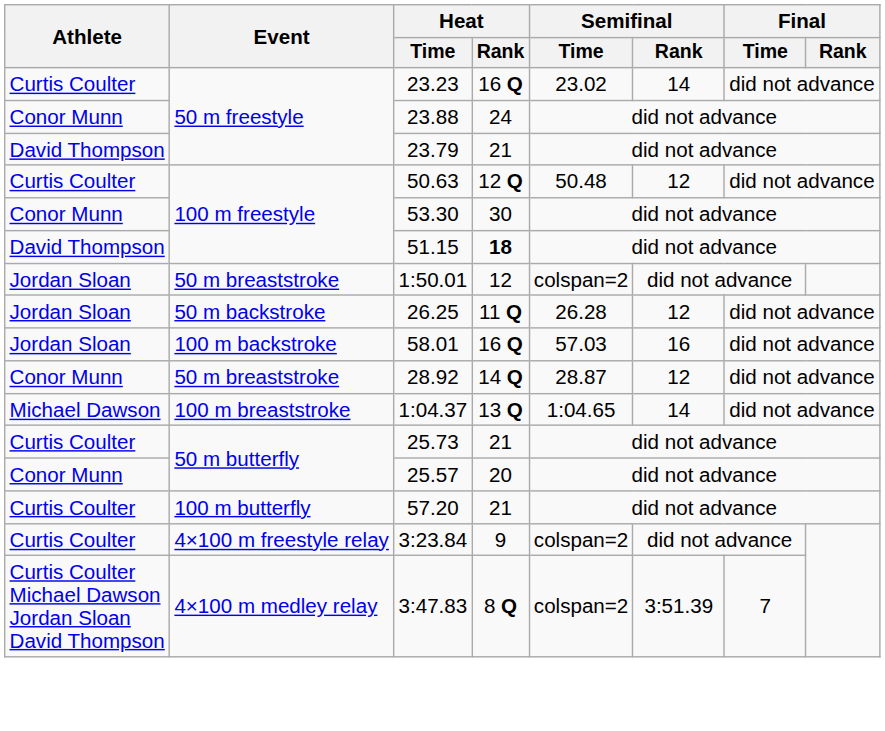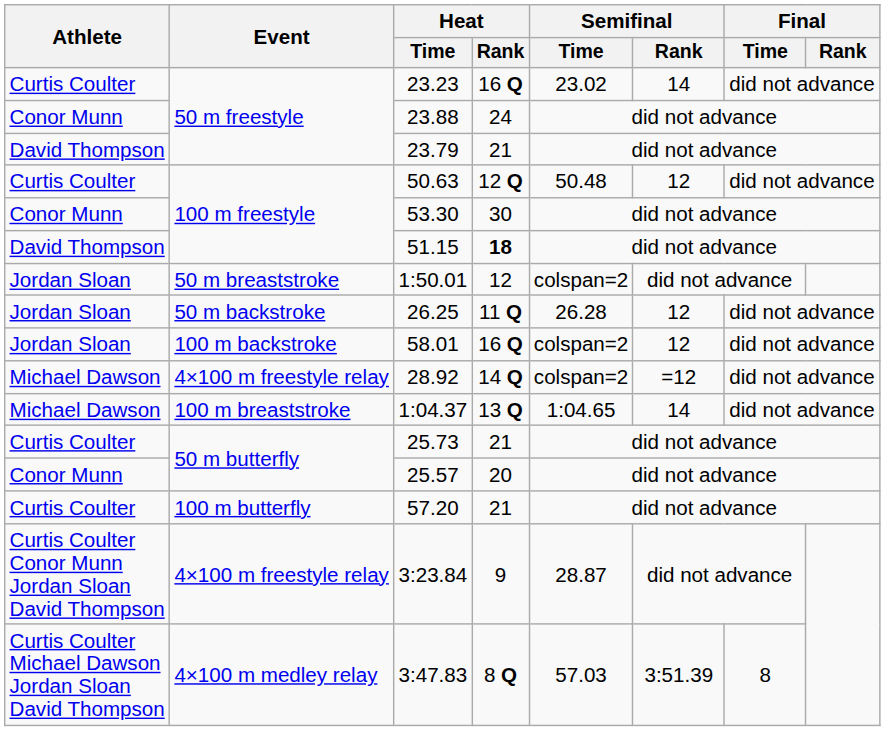 <table class=wikitable style=font-size:90%>
 <tr>
 <th rowspan=2>Athlete</th>
 <th rowspan=2>Event</th>
 <th colspan=2>Heat</th>
 <th colspan=2>Semifinal</th>
 <th colspan=2>Final</th>
 </tr>
 <tr style=font-size:95%>
 <th>Time</th>
 <th>Rank</th>
 <th>Time</th>
 <th>Rank</th>
 <th>Time</th>
 <th>Rank</th>
 </tr>
 <tr align=center>
 <td align=left><a href='#'>Curtis Coulter</a></td>
 <td align=left rowspan=3><a href='#'>50 m freestyle</a></td>
 <td>23.23</td>
 <td>16 <strong>Q</strong></td>
 <td>23.02</td>
 <td>14</td>
 <td colspan=2>did not advance</td>
 </tr>
 <tr align=center>
 <td align=left><a href='#'>Conor Munn</a></td>
 <td>23.88</td>
 <td>24</td>
 <td colspan=4>did not advance</td>
 </tr>
 <tr align=center>
 <td align=left><a href='#'>David Thompson</a></td>
 <td>23.79</td>
 <td>21</td>
 <td colspan=4>did not advance</td>
 </tr>
 <tr align=center>
 <td align=left><a href='#'>Curtis Coulter</a></td>
 <td align=left rowspan=3><a href='#'>100 m freestyle</a></td>
 <td>50.63</td>
 <td>12 <strong>Q</strong></td>
 <td>50.48</td>
 <td>12</td>
 <td colspan=2>did not advance</td>
 </tr>
 <tr align=center>
 <td align=left><a href='#'>Conor Munn</a></td>
 <td>53.30</td>
 <td>30</td>
 <td colspan=4>did not advance</td>
 </tr>
 <tr align=center>
 <td align=left><a href='#'>David Thompson</a></td>
 <td>51.15</td>
 <td><strong>18</strong></td>
 <td colspan=4>did not advance</td>
 </tr>
 <tr align=center>
 <td align=left><a href='#'>Jordan Sloan</a></td>
 <td align=left><a href='#'>50 m breaststroke</a></td>
 <td>1:50.01</td>
 <td>12</td>
 <td>colspan=2 </td>
 <td colspan=2>did not advance</td>
 </tr>
 <tr align=center>
 <td align=left><a href='#'>Jordan Sloan</a></td>
 <td align=left><a href='#'>50 m backstroke</a></td>
 <td>26.25</td>
 <td>11 <strong>Q</strong></td>
 <td>26.28</td>
 <td>12</td>
 <td colspan=2>did not advance</td>
 </tr>
 <tr align=center>
 <td align=left><a href='#'>Jordan Sloan</a></td>
 <td align=left><a href='#'>100 m backstroke</a></td>
 <td>58.01</td>
 <td>16 <strong>Q</strong></td>
-<td>57.03</td>
-<td>16</td>
+<td>colspan=2 </td>
+<td>12</td>
 <td colspan=2>did not advance</td>
 </tr>
 <tr align=center>
-<td align=left><a href='#'>Conor Munn</a></td>
-<td align=left><a href='#'>50 m breaststroke</a></td>
+<td align=left><a href='#'>Michael Dawson</a></td>
+<td align=left><a href='#'>4×100 m freestyle relay</a></td>
 <td>28.92</td>
 <td>14 <strong>Q</strong></td>
-<td>28.87</td>
-<td>12</td>
+<td>colspan=2 </td>
+<td>=12</td>
 <td colspan=2>did not advance</td>
 </tr>
 <tr align=center>
 <td align=left><a href='#'>Michael Dawson</a></td>
 <td align=left><a href='#'>100 m breaststroke</a></td>
 <td>1:04.37</td>
 <td>13 <strong>Q</strong></td>
 <td>1:04.65</td>
 <td>14</td>
 <td colspan=2>did not advance</td>
 </tr>
 <tr align=center>
 <td align=left><a href='#'>Curtis Coulter</a></td>
 <td align=left rowspan=2><a href='#'>50 m butterfly</a></td>
 <td>25.73</td>
 <td>21</td>
 <td colspan=4>did not advance</td>
 </tr>
 <tr align=center>
 <td align=left><a href='#'>Conor Munn</a></td>
 <td>25.57</td>
 <td>20</td>
 <td colspan=4>did not advance</td>
 </tr>
 <tr align=center>
 <td align=left><a href='#'>Curtis Coulter</a></td>
 <td align=left><a href='#'>100 m butterfly</a></td>
 <td>57.20</td>
 <td>21</td>
 <td colspan=4>did not advance</td>
 </tr>
 <tr align=center>
-<td align=left><a href='#'>Curtis Coulter</a></td>
+<td align=left><a href='#'>Curtis Coulter</a><br><a href='#'>Conor Munn</a><br><a href='#'>Jordan Sloan</a><br><a href='#'>David Thompson</a></td>
 <td align=left><a href='#'>4×100 m freestyle relay</a></td>
 <td>3:23.84</td>
 <td>9</td>
-<td>colspan=2 </td>
+<td>28.87</td>
 <td colspan=2>did not advance</td>
 </tr>
 <tr align=center>
 <td align=left><a href='#'>Curtis Coulter</a><br><a href='#'>Michael Dawson</a><br><a href='#'>Jordan Sloan</a><br><a href='#'>David Thompson</a></td>
 <td align=left><a href='#'>4×100 m medley relay</a></td>
 <td>3:47.83</td>
 <td>8 <strong>Q</strong></td>
-<td>colspan=2 </td>
+<td>57.03</td>
 <td>3:51.39</td>
-<td>7</td>
+<td>8</td>
 </tr>
 </table>
